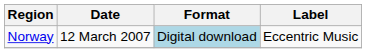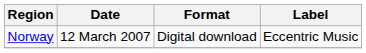 <table class=wikitable>
 <tr>
 <th>Region</th>
 <th>Date</th>
 <th>Format</th>
 <th>Label</th>
 </tr>
 <tr>
 <td><a href='#'>Norway</a></td>
 <td>12 March 2007</td>
-<td style="background: lightblue;">Digital download</td>
+<td>Digital download</td>
 <td>Eccentric Music</td>
 </tr>
 <tr>
 </tr>
 </table>
